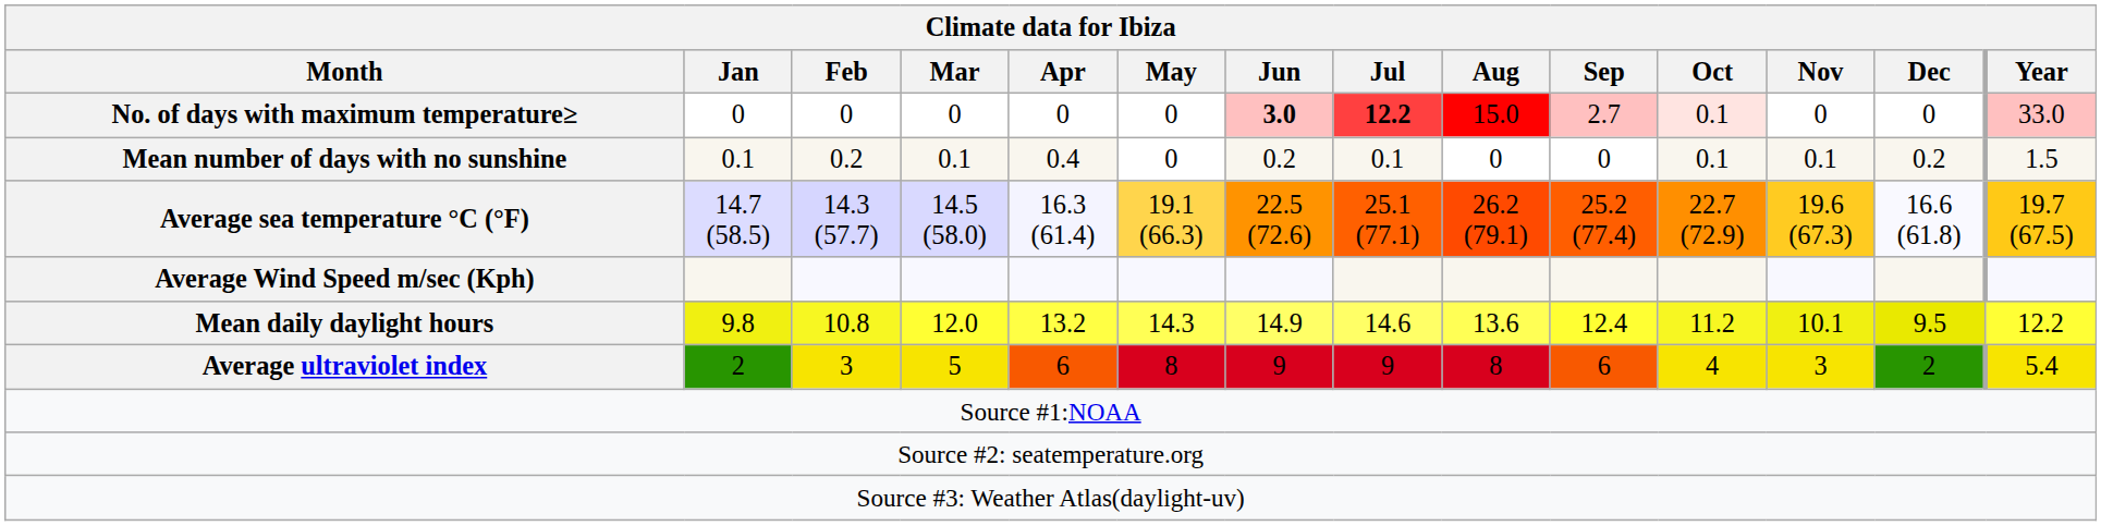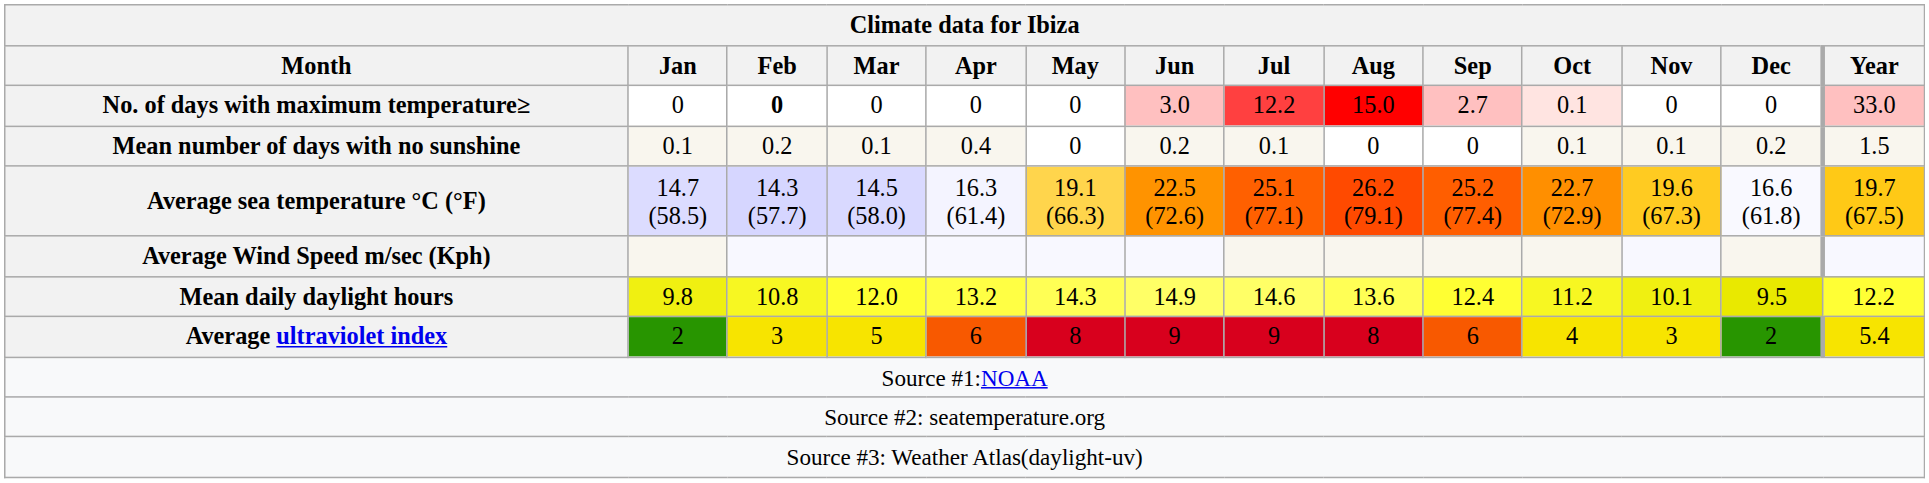 <table class="wikitable mw-collapsible" style="width:100%;text-align:center;line-height:1.2em;margin-left:auto;margin-right:auto">
 <tr>
 <th colspan="14">Climate data for Ibiza</th>
 </tr>
 <tr>
 <th>Month</th>
 <th>Jan</th>
 <th>Feb</th>
 <th>Mar</th>
 <th>Apr</th>
 <th>May</th>
 <th>Jun</th>
 <th>Jul</th>
 <th>Aug</th>
 <th>Sep</th>
 <th>Oct</th>
 <th>Nov</th>
 <th>Dec</th>
 <th style="border-left-width:medium">Year</th>
 </tr>
 <tr>
 <th>No. of days with maximum temperature≥ </th>
 <td style="background:#FFFFFF;color:#000000;">0</td>
+<td style="background:#FFFFFF;color:#000000;"><strong>0</strong></td>
 <td style="background:#FFFFFF;color:#000000;">0</td>
 <td style="background:#FFFFFF;color:#000000;">0</td>
 <td style="background:#FFFFFF;color:#000000;">0</td>
-<td style="background:#FFFFFF;color:#000000;">0</td>
-<td style="background:#FFC0C0;color:#000000;"><strong>3.0</strong></td>
-<td style="background:#FF4040;color:#000000;"><strong>12.2</strong></td>
+<td style="background:#FFC0C0;color:#000000;">3.0</td>
+<td style="background:#FF4040;color:#000000;">12.2</td>
 <td style="background:#FF0000;color:#000000;">15.0</td>
 <td style="background:#FFC0C0;color:#000000;">2.7</td>
 <td style="background:#FFE4E1;color:#000000;">0.1</td>
 <td style="background:#FFFFFF;color:#000000;">0</td>
 <td style="background:#FFFFFF;color:#000000;">0</td>
 <td style="background:#FFC0C0;color:#000000;border-left-width:medium">33.0</td>
 </tr>
 <tr>
 <th>Mean number of days with no sunshine</th>
 <td style="background:#F9F6EE;color:#000000;">0.1</td>
 <td style="background:#F9F6EE;color:#000000;">0.2</td>
 <td style="background:#F9F6EE;color:#000000;">0.1</td>
 <td style="background:#F9F6EE;color:#000000;">0.4</td>
 <td style="background:#FFFFFF;color:#000000;">0</td>
 <td style="background:#F9F6EE;color:#000000;">0.2</td>
 <td style="background:#F9F6EE;color:#000000;">0.1</td>
 <td style="background:#FFFFFF;color:#000000;">0</td>
 <td style="background:#FFFFFF;color:#000000;">0</td>
 <td style="background:#F9F6EE;color:#000000;">0.1</td>
 <td style="background:#F9F6EE;color:#000000;">0.1</td>
 <td style="background:#F9F6EE;color:#000000;">0.2</td>
 <td style="background:#F9F6EE;color:#000000;border-left-width:medium">1.5</td>
 </tr>
 <tr>
 <th>Average sea temperature °C (°F)</th>
 <td style="background:#DCDCFF;color:#000000;">14.7<br>(58.5)</td>
 <td style="background:#D6D6FF;color:#000000;">14.3<br>(57.7)</td>
 <td style="background:#D9D9FF;color:#000000;">14.5<br>(58.0)</td>
 <td style="background:#F4F4FF;color:#000000;">16.3<br>(61.4)</td>
 <td style="background:#FFD54C;color:#000000;">19.1<br>(66.3)</td>
 <td style="background:#FF9300;color:#000000;">22.5<br>(72.6)</td>
 <td style="background:#FF6000;color:#000000;">25.1<br>(77.1)</td>
 <td style="background:#FF4A00;color:#000000;">26.2<br>(79.1)</td>
 <td style="background:#FF5E00;color:#000000;">25.2<br>(77.4)</td>
 <td style="background:#FF8F00;color:#000000;">22.7<br>(72.9)</td>
 <td style="background:#FFCB21;color:#000000;">19.6<br>(67.3)</td>
 <td style="background:#F9F9FF;color:#000000;">16.6<br>(61.8)</td>
 <td style="background:#FFC916;color:#000000;border-left-width:medium">19.7<br>(67.5)</td>
 </tr>
 <tr>
 <th>Average Wind Speed m/sec (Kph)</th>
 <td style="background:#F9F6EE;color:#000000;"></td>
 <td style="background:#F8F8FF;color:#000000;"></td>
 <td style="background:#F8F8FF;color:#000000;"></td>
 <td style="background:#F8F8FF;color:#000000;"></td>
 <td style="background:#F8F8FF;color:#000000;"></td>
 <td style="background:#F8F8FF;color:#000000;"></td>
 <td style="background:#F9F6EE;color:#000000;"></td>
 <td style="background:#F9F6EE;color:#000000;"></td>
 <td style="background:#F9F6EE;color:#000000;"></td>
 <td style="background:#F9F6EE;color:#000000;"></td>
 <td style="background:#F8F8FF;color:#000000;"></td>
 <td style="background:#F9F6EE;color:#000000;"></td>
 <td style="background:#F8F8FF;color:#000000;border-left-width:medium"></td>
 </tr>
 <tr>
 <th>Mean daily daylight hours</th>
 <td style="background:#F0F011;color:#000000;">9.8</td>
 <td style="background:#F7F722;color:#000000;">10.8</td>
 <td style="background:#FFFF33;color:#000000;">12.0</td>
 <td style="background:#FFFF44;color:#000000;">13.2</td>
 <td style="background:#FFFF55;color:#000000;">14.3</td>
 <td style="background:#FFFF66;color:#000000;">14.9</td>
 <td style="background:#FFFF66;color:#000000;">14.6</td>
 <td style="background:#FFFF55;color:#000000;">13.6</td>
 <td style="background:#FFFF33;color:#000000;">12.4</td>
 <td style="background:#F7F722;color:#000000;">11.2</td>
 <td style="background:#F0F011;color:#000000;">10.1</td>
 <td style="background:#E9E900;color:#000000;">9.5</td>
 <td style="background:#FFFF35;color:#000000;">12.2</td>
 </tr>
 <tr>
 <th>Average <a href='#'>ultraviolet index</a></th>
 <td style="background:#289500;color:#000000;">2</td>
 <td style="background:#f7e400;color:#000000;">3</td>
 <td style="background:#f7e400;color:#000000;">5</td>
 <td style="background:#f85900;color:#000000;">6</td>
 <td style="background:#d8001d;color:#000000;">8</td>
 <td style="background:#d8001d;color:#000000;">9</td>
 <td style="background:#d8001d;color:#000000;">9</td>
 <td style="background:#d8001d;color:#000000;">8</td>
 <td style="background:#f85900;color:#000000;">6</td>
 <td style="background:#f7e400;color:#000000;">4</td>
 <td style="background:#f7e400;color:#000000;">3</td>
 <td style="background:#289500;color:#000000;">2</td>
 <td style="background:#f7e400;color:#000000;border-left-width:medium">5.4</td>
 </tr>
 <tr>
 <th colspan="14" style="background:#f8f9fa;font-weight:normal;font-size:95%;">Source #1:<a href='#'>NOAA</a></th>
 </tr>
 <tr>
 <th colspan="14" style="background:#f8f9fa;font-weight:normal;font-size:95%;">Source #2: seatemperature.org</th>
 </tr>
 <tr>
 <th colspan="14" style="background:#f8f9fa;font-weight:normal;font-size:95%;">Source #3: Weather Atlas(daylight-uv)</th>
 </tr>
 </table>
